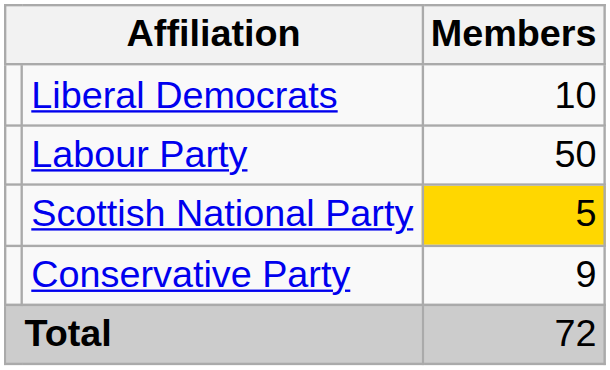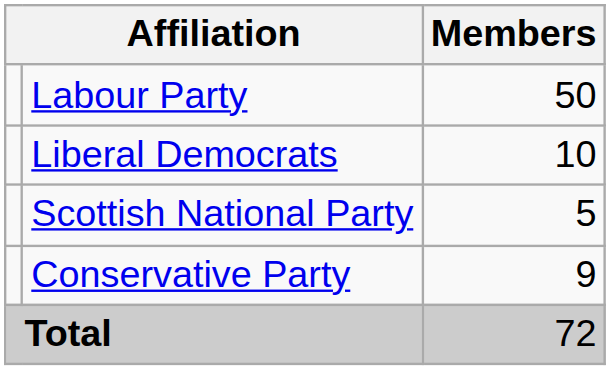 <table class="wikitable">
 <tr>
 <th colspan="2">Affiliation</th>
 <th>Members</th>
+</tr>
+<tr>
+<td style="color:inherit;background:"></td>
+<td><a href='#'>Labour Party</a></td>
+<td align="right">50</td>
 </tr>
 <tr>
 <td style="color:inherit;background:"></td>
 <td><a href='#'>Liberal Democrats</a></td>
 <td align="right">10</td>
 </tr>
 <tr>
 <td style="color:inherit;background:"></td>
-<td><a href='#'>Labour Party</a></td>
-<td align="right">50</td>
-</tr>
-<tr>
-<td style="color:inherit;background:"></td>
 <td><a href='#'>Scottish National Party</a></td>
-<td align="right" style="background: gold;">5</td>
+<td align="right">5</td>
 </tr>
 <tr>
 <td style="color:inherit;background:"></td>
 <td><a href='#'>Conservative Party</a></td>
 <td align="right">9</td>
 </tr>
 <tr bgcolor="CCCCCC">
 <td colspan="2" rowspan="1"> <strong>Total</strong></td>
 <td align="right">72</td>
 </tr>
 </table>
